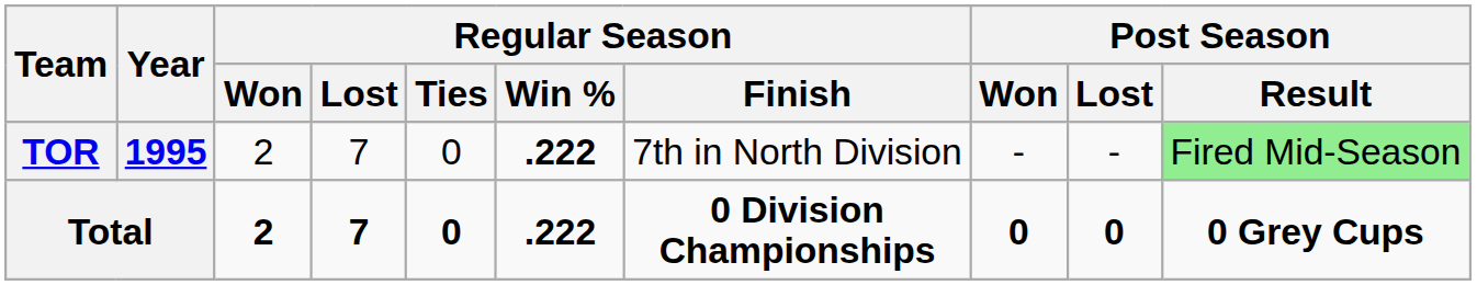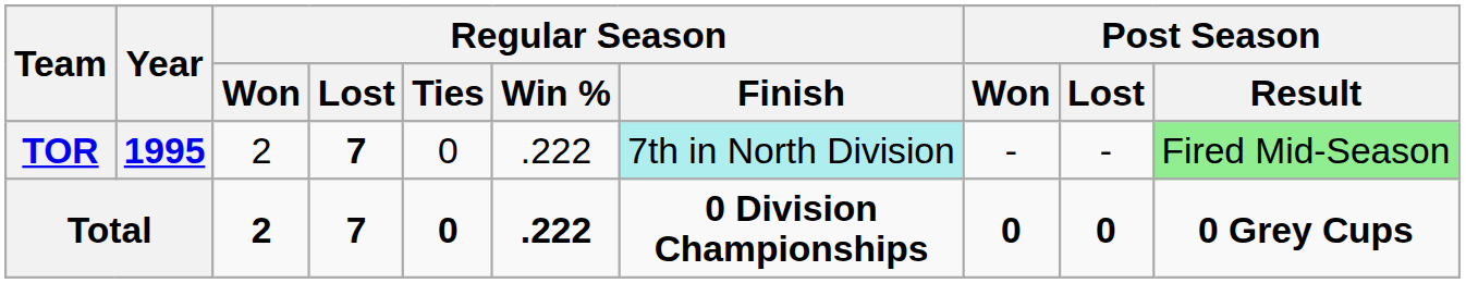 <table class="wikitable" style="font-size: 95%; text-align:center;">
 <tr>
 <th rowspan="2">Team</th>
 <th rowspan="2">Year</th>
 <th colspan="5">Regular Season</th>
 <th colspan="4">Post Season</th>
 </tr>
 <tr>
 <th>Won</th>
 <th>Lost</th>
 <th>Ties</th>
 <th>Win %</th>
 <th>Finish</th>
 <th>Won</th>
 <th>Lost</th>
 <th>Result</th>
 </tr>
 <tr>
 <th><a href='#'>TOR</a></th>
 <th><a href='#'>1995</a></th>
 <td>2</td>
-<td>7</td>
+<td><strong>7</strong></td>
 <td>0</td>
-<td><strong>.222</strong></td>
-<td>7th in North Division</td>
+<td>.222</td>
+<td style="background: paleturquoise;">7th in North Division</td>
 <td>-</td>
 <td>-</td>
 <td style="background: lightgreen;">Fired Mid-Season</td>
 </tr>
 <tr>
 <th colspan="2"><strong>Total</strong></th>
 <td><strong>2</strong></td>
 <td><strong>7</strong></td>
 <td><strong>0</strong></td>
 <td><strong>.222</strong></td>
 <td><strong>0 Division<br>Championships</strong></td>
 <td><strong>0</strong></td>
 <td><strong>0</strong></td>
 <td><strong>0 Grey Cups</strong></td>
 </tr>
 </table>
